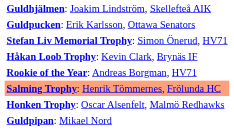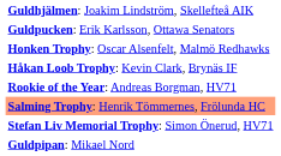 <table cellpadding="3" cellspacing="1">
 <tr>
 <td><strong><a href='#'>Guldhjälmen</a></strong>: <a href='#'>Joakim Lindström</a>, <a href='#'>Skellefteå AIK</a></td>
 </tr>
 <tr>
 <td><strong><a href='#'>Guldpucken</a></strong>: <a href='#'>Erik Karlsson</a>, <a href='#'>Ottawa Senators</a></td>
 </tr>
 <tr>
-<td><strong><a href='#'>Stefan Liv Memorial Trophy</a></strong>: <a href='#'>Simon Önerud</a>, <a href='#'>HV71</a></td>
+<td><strong><a href='#'>Honken Trophy</a></strong>: <a href='#'>Oscar Alsenfelt</a>, <a href='#'>Malmö Redhawks</a></td>
 </tr>
 <tr>
 <td><strong><a href='#'>Håkan Loob Trophy</a></strong>: <a href='#'>Kevin Clark</a>, <a href='#'>Brynäs IF</a></td>
 </tr>
 <tr>
 <td><strong><a href='#'>Rookie of the Year</a></strong>: <a href='#'>Andreas Borgman</a>, <a href='#'>HV71</a></td>
 </tr>
 <tr>
 <td style="background: lightsalmon;"><strong><a href='#'>Salming Trophy</a></strong>: <a href='#'>Henrik Tömmernes</a>, <a href='#'>Frölunda HC</a></td>
 </tr>
 <tr>
-<td><strong><a href='#'>Honken Trophy</a></strong>: <a href='#'>Oscar Alsenfelt</a>, <a href='#'>Malmö Redhawks</a></td>
+<td><strong><a href='#'>Stefan Liv Memorial Trophy</a></strong>: <a href='#'>Simon Önerud</a>, <a href='#'>HV71</a></td>
 </tr>
 <tr>
 <td><strong><a href='#'>Guldpipan</a></strong>: <a href='#'>Mikael Nord</a></td>
 </tr>
 </table>
